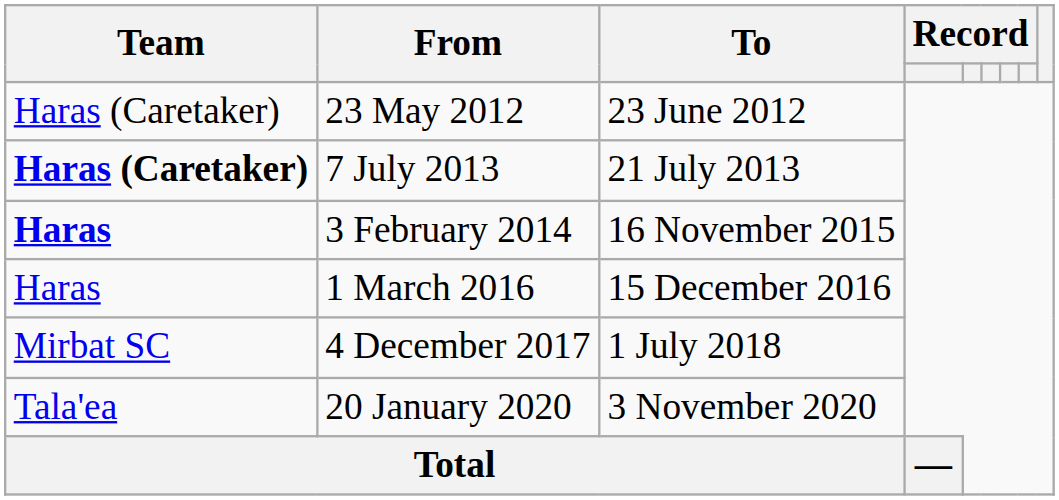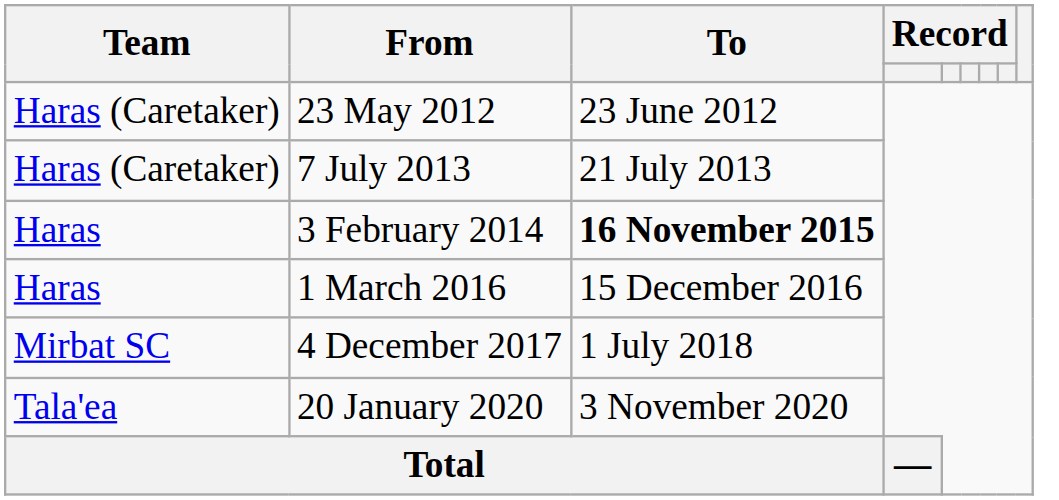 <table class=wikitable style=text-align:center>
 <tr>
 <th rowspan=2>Team</th>
 <th rowspan=2>From</th>
 <th rowspan=2>To</th>
 <th colspan=5>Record</th>
 <th rowspan=2></th>
 </tr>
 <tr>
 <th></th>
 <th></th>
 <th></th>
 <th></th>
 <th></th>
 </tr>
 <tr>
 <td align=left><a href='#'>Haras</a> (Caretaker)</td>
 <td align=left>23 May 2012</td>
 <td align=left>23 June 2012<br></td>
 </tr>
 <tr>
-<td align=left><strong><a href='#'>Haras</a> (Caretaker)</strong></td>
+<td align=left><a href='#'>Haras</a> (Caretaker)</td>
 <td align=left>7 July 2013</td>
 <td align=left>21 July 2013<br></td>
 </tr>
 <tr>
-<td align=left><strong><a href='#'>Haras</a></strong></td>
+<td align=left><a href='#'>Haras</a></td>
 <td align=left>3 February 2014</td>
-<td align=left>16 November 2015<br></td>
+<td align=left><strong>16 November 2015<br></strong></td>
 </tr>
 <tr>
 <td align=left><a href='#'>Haras</a></td>
 <td align=left>1 March 2016</td>
 <td align=left>15 December 2016<br></td>
 </tr>
 <tr>
 <td align=left><a href='#'>Mirbat SC</a></td>
 <td align=left>4 December 2017</td>
 <td align=left>1 July 2018<br></td>
 </tr>
 <tr>
 <td align=left><a href='#'>Tala'ea</a></td>
 <td align=left>20 January 2020</td>
 <td align=left>3 November 2020<br></td>
 </tr>
 <tr>
 <th colspan=3>Total<br></th>
 <th>—</th>
 </tr>
 </table>
